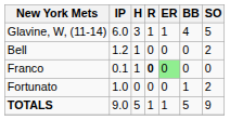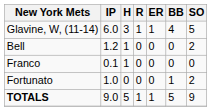 <table class="wikitable sortable">
 <tr>
 <th>New York Mets</th>
 <th>IP</th>
 <th>H</th>
 <th>R</th>
 <th>ER</th>
 <th>BB</th>
 <th>SO</th>
 </tr>
 <tr>
 <td>Glavine, W, (11-14)</td>
 <td>6.0</td>
 <td>3</td>
 <td>1</td>
 <td>1</td>
 <td>4</td>
 <td>5</td>
 </tr>
 <tr>
 <td>Bell</td>
 <td>1.2</td>
 <td>1</td>
 <td>0</td>
 <td>0</td>
 <td>0</td>
 <td>2</td>
 </tr>
 <tr>
 <td>Franco</td>
 <td>0.1</td>
 <td>1</td>
-<td><strong>0</strong></td>
-<td style="background: lightgreen;">0</td>
+<td>0</td>
+<td>0</td>
 <td>0</td>
 <td>0</td>
 </tr>
 <tr>
 <td>Fortunato</td>
 <td>1.0</td>
 <td>0</td>
 <td>0</td>
 <td>0</td>
 <td>1</td>
 <td>2</td>
 </tr>
 <tr>
 <td><strong>TOTALS</strong></td>
 <td>9.0</td>
 <td>5</td>
 <td>1</td>
 <td>1</td>
 <td>5</td>
 <td>9</td>
 </tr>
 <tr>
 </tr>
 </table>
